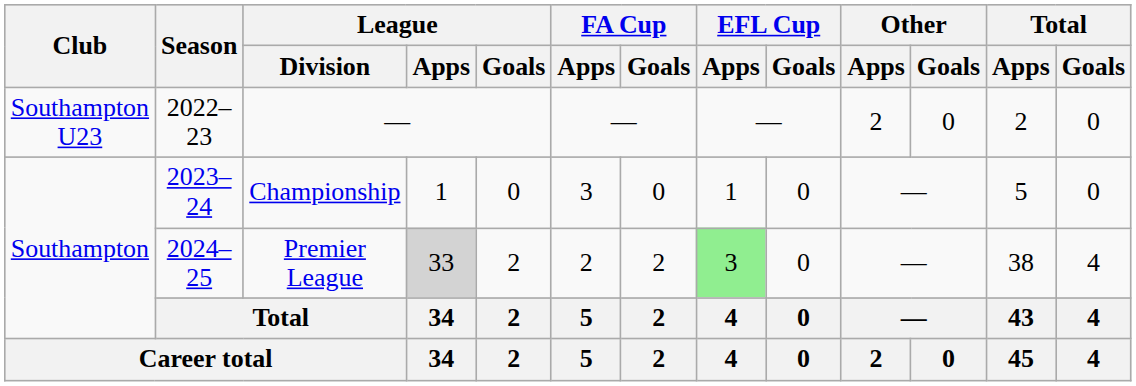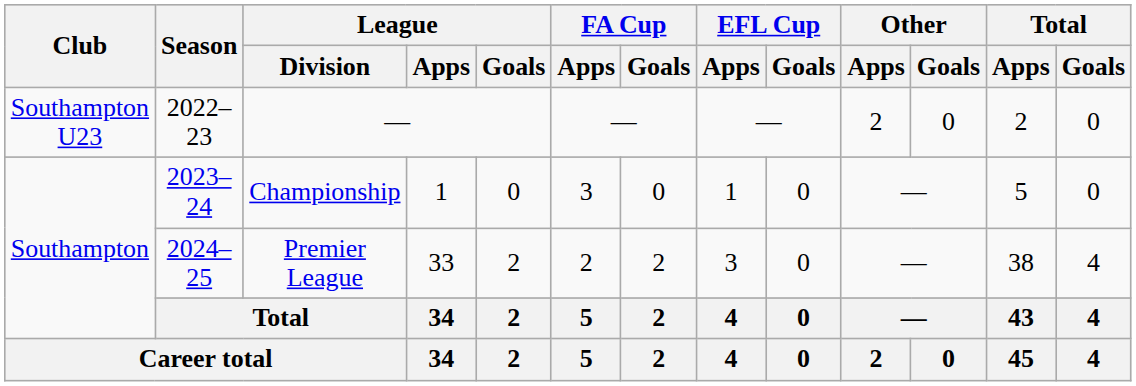 <table class="wikitable" style="text-align: center;">
 <tr>
 <th rowspan="2">Club</th>
 <th rowspan="2">Season</th>
 <th colspan="3">League</th>
 <th colspan="2"><a href='#'>FA Cup</a></th>
 <th colspan="2"><a href='#'>EFL Cup</a></th>
 <th colspan="2">Other</th>
 <th colspan="2">Total</th>
 </tr>
 <tr>
 <th>Division</th>
 <th>Apps</th>
 <th>Goals</th>
 <th>Apps</th>
 <th>Goals</th>
 <th>Apps</th>
 <th>Goals</th>
 <th>Apps</th>
 <th>Goals</th>
 <th>Apps</th>
 <th>Goals</th>
 </tr>
 <tr>
 <td><a href='#'>Southampton U23</a></td>
 <td>2022–23</td>
 <td colspan="3">—</td>
 <td colspan="2">—</td>
 <td colspan="2">—</td>
 <td>2</td>
 <td>0</td>
 <td>2</td>
 <td>0</td>
 </tr>
 <tr>
 <td rowspan="3"><a href='#'>Southampton</a></td>
 <td><a href='#'>2023–24</a></td>
 <td><a href='#'>Championship</a></td>
 <td>1</td>
 <td>0</td>
 <td>3</td>
 <td>0</td>
 <td>1</td>
 <td>0</td>
 <td colspan="2">—</td>
 <td>5</td>
 <td>0</td>
 </tr>
 <tr>
 <td><a href='#'>2024–25</a></td>
 <td><a href='#'>Premier League</a></td>
-<td style="background: lightgrey;">33</td>
+<td>33</td>
 <td>2</td>
 <td>2</td>
 <td>2</td>
-<td style="background: lightgreen;">3</td>
+<td>3</td>
 <td>0</td>
 <td colspan="2">—</td>
 <td>38</td>
 <td>4</td>
 </tr>
 <tr>
 <th colspan="2">Total</th>
 <th>34</th>
 <th>2</th>
 <th>5</th>
 <th>2</th>
 <th>4</th>
 <th>0</th>
 <th colspan="2">—</th>
 <th>43</th>
 <th>4</th>
 </tr>
 <tr>
 <th colspan="3">Career total</th>
 <th>34</th>
 <th>2</th>
 <th>5</th>
 <th>2</th>
 <th>4</th>
 <th>0</th>
 <th>2</th>
 <th>0</th>
 <th>45</th>
 <th>4</th>
 </tr>
 </table>
